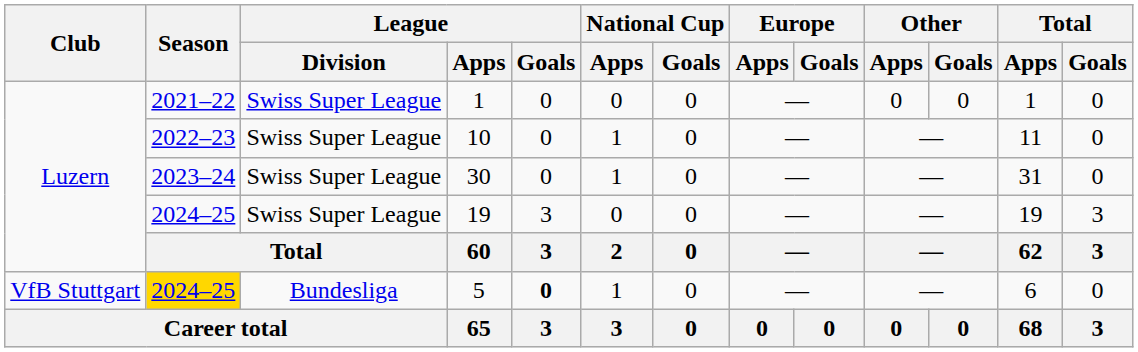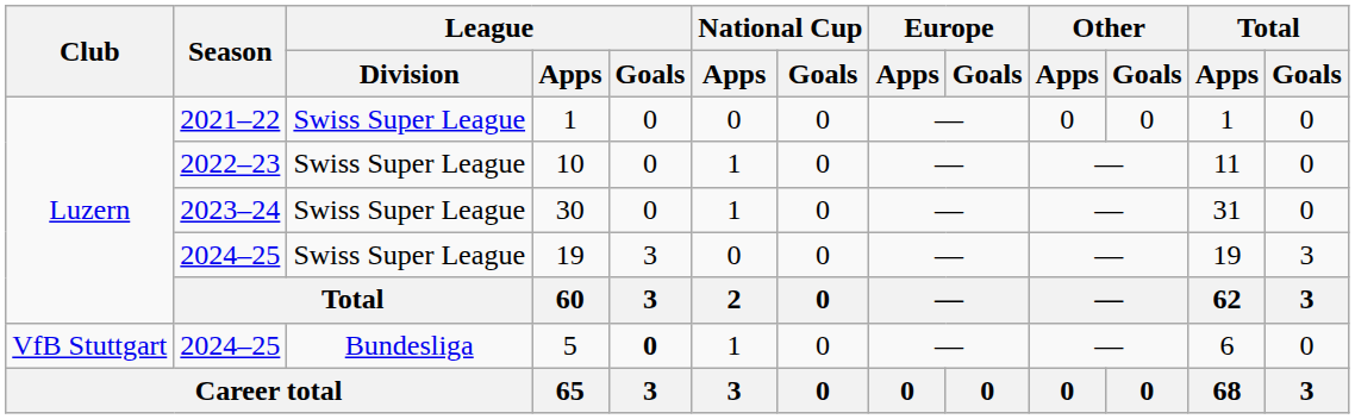 <table class="wikitable" style="text-align: center;">
 <tr>
 <th rowspan="2">Club</th>
 <th rowspan="2">Season</th>
 <th colspan="3">League</th>
 <th colspan="2">National Cup</th>
 <th colspan="2">Europe</th>
 <th colspan="2">Other</th>
 <th colspan="2">Total</th>
 </tr>
 <tr>
 <th>Division</th>
 <th>Apps</th>
 <th>Goals</th>
 <th>Apps</th>
 <th>Goals</th>
 <th>Apps</th>
 <th>Goals</th>
 <th>Apps</th>
 <th>Goals</th>
 <th>Apps</th>
 <th>Goals</th>
 </tr>
 <tr>
 <td rowspan="5"><a href='#'>Luzern</a></td>
 <td><a href='#'>2021–22</a></td>
 <td><a href='#'>Swiss Super League</a></td>
 <td>1</td>
 <td>0</td>
 <td>0</td>
 <td>0</td>
 <td colspan="2">—</td>
 <td>0</td>
 <td>0</td>
 <td>1</td>
 <td>0</td>
 </tr>
 <tr>
 <td><a href='#'>2022–23</a></td>
 <td>Swiss Super League</td>
 <td>10</td>
 <td>0</td>
 <td>1</td>
 <td>0</td>
 <td colspan="2">—</td>
 <td colspan="2">—</td>
 <td>11</td>
 <td>0</td>
 </tr>
 <tr>
 <td><a href='#'>2023–24</a></td>
 <td>Swiss Super League</td>
 <td>30</td>
 <td>0</td>
 <td>1</td>
 <td>0</td>
 <td colspan="2">—</td>
 <td colspan="2">—</td>
 <td>31</td>
 <td>0</td>
 </tr>
 <tr>
 <td><a href='#'>2024–25</a></td>
 <td>Swiss Super League</td>
 <td>19</td>
 <td>3</td>
 <td>0</td>
 <td>0</td>
 <td colspan="2">—</td>
 <td colspan="2">—</td>
 <td>19</td>
 <td>3</td>
 </tr>
 <tr>
 <th colspan="2">Total</th>
 <th>60</th>
 <th>3</th>
 <th>2</th>
 <th>0</th>
 <th colspan="2">—</th>
 <th colspan="2">—</th>
 <th>62</th>
 <th>3</th>
 </tr>
 <tr>
 <td><a href='#'>VfB Stuttgart</a></td>
-<td style="background: gold;"><a href='#'>2024–25</a></td>
+<td><a href='#'>2024–25</a></td>
 <td><a href='#'>Bundesliga</a></td>
 <td>5</td>
 <td><strong>0</strong></td>
 <td>1</td>
 <td>0</td>
 <td colspan="2">—</td>
 <td colspan="2">—</td>
 <td>6</td>
 <td>0</td>
 </tr>
 <tr>
 <th colspan="3">Career total</th>
 <th>65</th>
 <th>3</th>
 <th>3</th>
 <th>0</th>
 <th>0</th>
 <th>0</th>
 <th>0</th>
 <th>0</th>
 <th>68</th>
 <th>3</th>
 </tr>
 </table>
